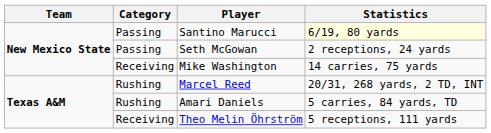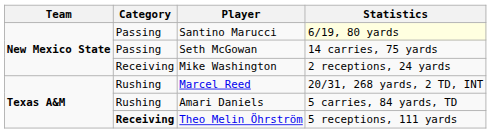 <table class="wikitable" style="float: right;">
 <tr>
 <th>Team</th>
 <th>Category</th>
 <th>Player</th>
 <th>Statistics</th>
 </tr>
 <tr>
 <td rowspan=3><strong>New Mexico State</strong></td>
 <td>Passing</td>
 <td>Santino Marucci</td>
 <td style="background: lightyellow;">6/19, 80 yards</td>
 </tr>
 <tr>
 <td>Passing</td>
 <td>Seth McGowan</td>
-<td>2 receptions, 24 yards</td>
+<td>14 carries, 75 yards</td>
 </tr>
 <tr>
 <td>Receiving</td>
 <td>Mike Washington</td>
-<td>14 carries, 75 yards</td>
+<td>2 receptions, 24 yards</td>
 </tr>
 <tr>
 <td rowspan=3><strong>Texas A&M</strong></td>
 <td>Rushing</td>
 <td><a href='#'>Marcel Reed</a></td>
 <td>20/31, 268 yards, 2 TD, INT</td>
 </tr>
 <tr>
 <td>Rushing</td>
 <td>Amari Daniels</td>
 <td>5 carries, 84 yards, TD</td>
 </tr>
 <tr>
-<td>Receiving</td>
+<td><strong>Receiving</strong></td>
 <td><a href='#'>Theo Melin Öhrström</a></td>
 <td>5 receptions, 111 yards</td>
 </tr>
 </table>
